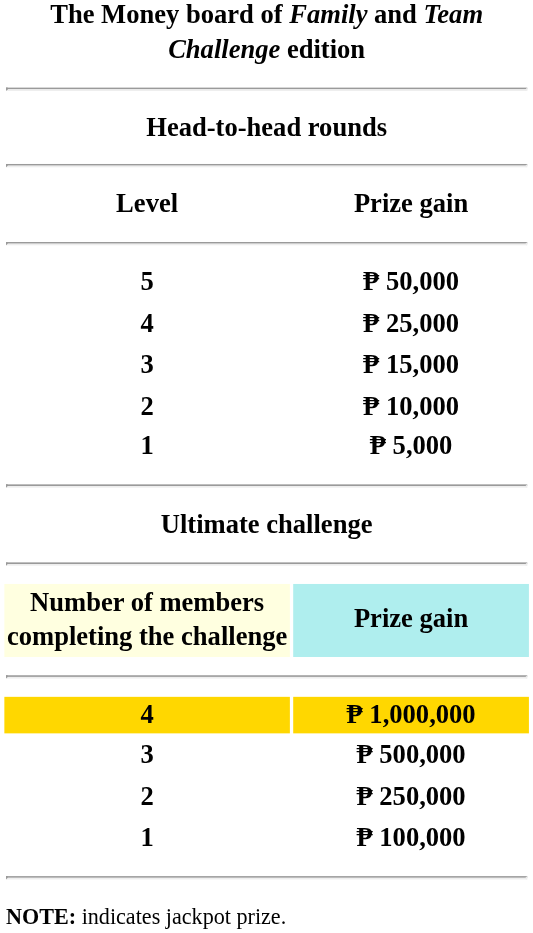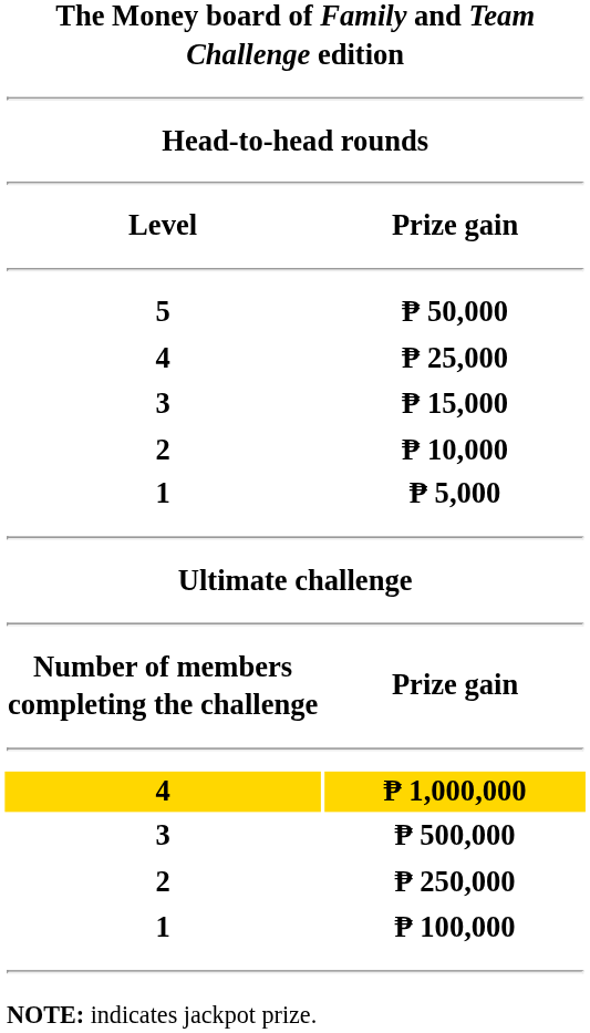 <table class="toccolours" style="width: 20em; float:right; margin-left:1em; font-size:100%; line-height:1.3em; width:320px;">
 <tr>
 <th colspan="2">The Money board of <em>Family</em> and <em>Team Challenge</em> edition</th>
 </tr>
 <tr>
 <td colspan="2"><hr></td>
 </tr>
 <tr>
 <th colspan="2" style="text-align: center">Head-to-head rounds</th>
 </tr>
 <tr>
 <td colspan="2"><hr></td>
 </tr>
 <tr>
 <th width="170">Level</th>
 <th>Prize gain</th>
 </tr>
 <tr>
 <td colspan="2"><hr></td>
 </tr>
 <tr>
 <th>5</th>
 <th>₱ 50,000</th>
 </tr>
 <tr>
 <th>4</th>
 <th>₱ 25,000</th>
 </tr>
 <tr>
 <th>3</th>
 <th>₱ 15,000</th>
 </tr>
 <tr>
 <th>2</th>
 <th>₱ 10,000</th>
 </tr>
 <tr>
 <th>1</th>
 <th>₱ 5,000</th>
 </tr>
 <tr>
 <td colspan="2"><hr></td>
 </tr>
 <tr>
 <th colspan="2" style="text-align: center">Ultimate challenge</th>
 </tr>
 <tr>
 <td colspan="2"><hr></td>
 </tr>
 <tr>
-<td align="center" scope="col" style="background: lightyellow;"><strong>Number of members<br>completing the challenge</strong></td>
-<td align="center" style="background: paleturquoise;"><strong>Prize gain</strong></td>
+<td align="center" scope="col"><strong>Number of members<br>completing the challenge</strong></td>
+<td align="center"><strong>Prize gain</strong></td>
 </tr>
 <tr>
 <td colspan="2"><hr></td>
 </tr>
 <tr style="background:gold;">
 <th>4</th>
 <th>₱ 1,000,000</th>
 </tr>
 <tr>
 <th>3</th>
 <th>₱ 500,000</th>
 </tr>
 <tr>
 <th>2</th>
 <th>₱ 250,000</th>
 </tr>
 <tr>
 <th>1</th>
 <th>₱ 100,000</th>
 </tr>
 <tr>
 <td colspan="2"><hr></td>
 </tr>
 <tr>
 <td colspan="3"><small><strong>NOTE:</strong>  indicates jackpot prize.</small></td>
 </tr>
 <tr>
 </tr>
 </table>
